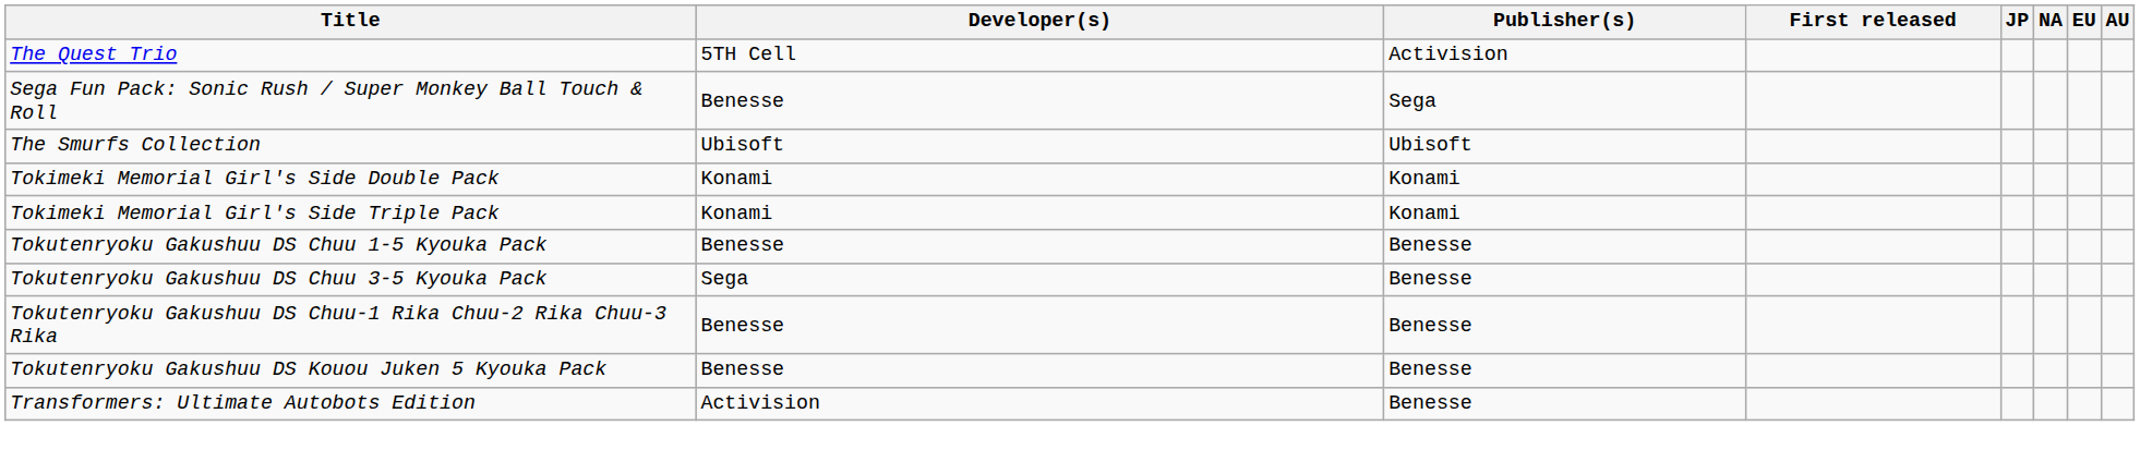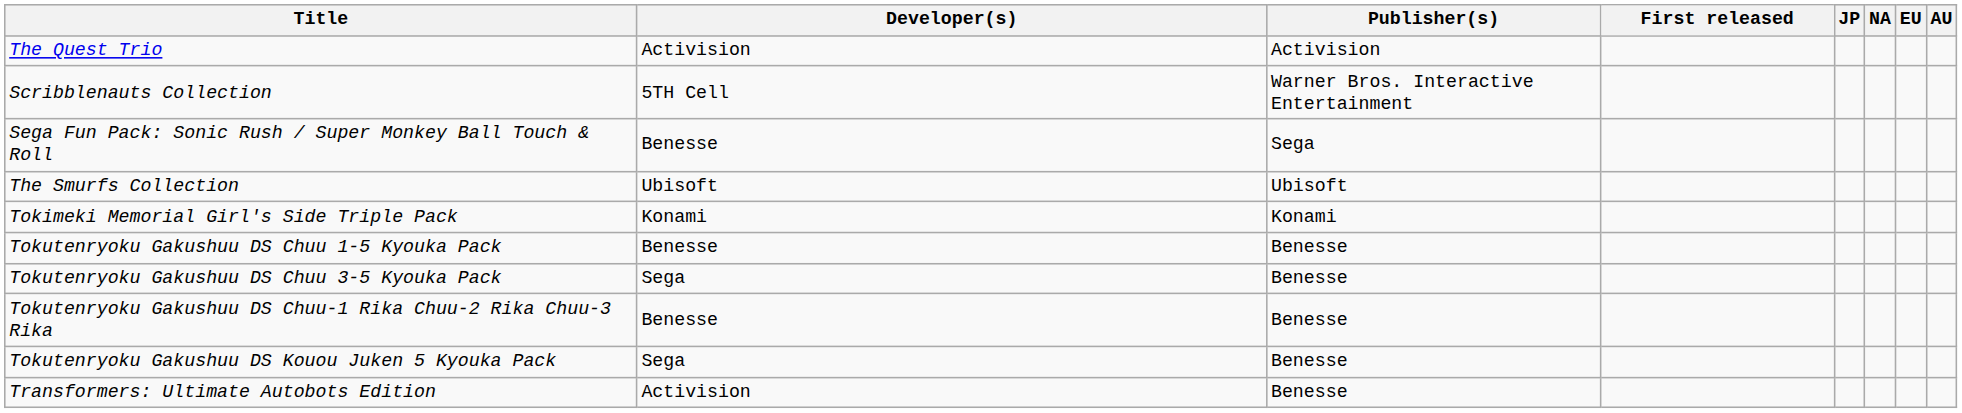 <table class="wikitable plainrowheaders sortable" style="font-size:90%;" id="bundlelist">
 <tr>
 <th width=40%>Title</th>
 <th width=40%>Developer(s)</th>
 <th width=85%>Publisher(s)</th>
 <th style="display:inline-block; border:0; width:144px;">First released</th>
 <th width=5%>JP</th>
 <th width=5%>NA</th>
 <th width=5%>EU</th>
 <th width=5%>AU</th>
 </tr>
 <tr>
 <td><em><a href='#'>The Quest Trio</a></em></td>
+<td>Activision</td>
+<td>Activision</td>
+<td></td>
+<td></td>
+<td></td>
+<td></td>
+<td></td>
+</tr>
+<tr>
+<td><em>Scribblenauts Collection</em></td>
 <td>5TH Cell</td>
-<td>Activision</td>
+<td>Warner Bros. Interactive Entertainment</td>
 <td></td>
 <td></td>
 <td></td>
 <td></td>
 <td></td>
 </tr>
 <tr>
 <td><em>Sega Fun Pack: Sonic Rush / Super Monkey Ball Touch & Roll</em></td>
 <td>Benesse</td>
 <td>Sega</td>
 <td></td>
 <td></td>
 <td></td>
 <td></td>
 <td></td>
 </tr>
 <tr>
 <td><em>The Smurfs Collection</em></td>
 <td>Ubisoft</td>
 <td>Ubisoft</td>
-<td></td>
-<td></td>
-<td></td>
-<td></td>
-<td></td>
-</tr>
-<tr>
-<td><em>Tokimeki Memorial Girl's Side Double Pack</em></td>
-<td>Konami</td>
-<td>Konami</td>
 <td></td>
 <td></td>
 <td></td>
 <td></td>
 <td></td>
 </tr>
 <tr>
 <td><em>Tokimeki Memorial Girl's Side Triple Pack</em></td>
 <td>Konami</td>
 <td>Konami</td>
 <td></td>
 <td></td>
 <td></td>
 <td></td>
 <td></td>
 </tr>
 <tr>
 <td><em>Tokutenryoku Gakushuu DS Chuu 1-5 Kyouka Pack</em></td>
 <td>Benesse</td>
 <td>Benesse</td>
 <td></td>
 <td></td>
 <td></td>
 <td></td>
 <td></td>
 </tr>
 <tr>
 <td><em>Tokutenryoku Gakushuu DS Chuu 3-5 Kyouka Pack</em></td>
 <td>Sega</td>
 <td>Benesse</td>
 <td></td>
 <td></td>
 <td></td>
 <td></td>
 <td></td>
 </tr>
 <tr>
 <td><em>Tokutenryoku Gakushuu DS Chuu-1 Rika Chuu-2 Rika Chuu-3 Rika</em></td>
 <td>Benesse</td>
 <td>Benesse</td>
 <td></td>
 <td></td>
 <td></td>
 <td></td>
 <td></td>
 </tr>
 <tr>
 <td><em>Tokutenryoku Gakushuu DS Kouou Juken 5 Kyouka Pack</em></td>
-<td>Benesse</td>
+<td>Sega</td>
 <td>Benesse</td>
 <td></td>
 <td></td>
 <td></td>
 <td></td>
 <td></td>
 </tr>
 <tr>
 <td><em>Transformers: Ultimate Autobots Edition</em></td>
 <td>Activision</td>
 <td>Benesse</td>
 <td></td>
 <td></td>
 <td></td>
 <td></td>
 <td></td>
 </tr>
 </table>
